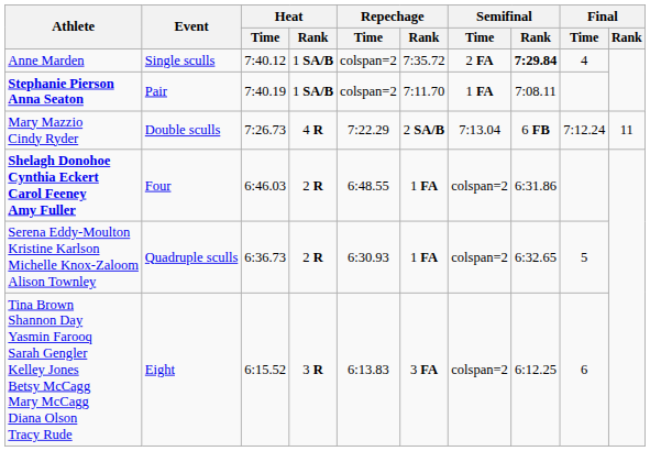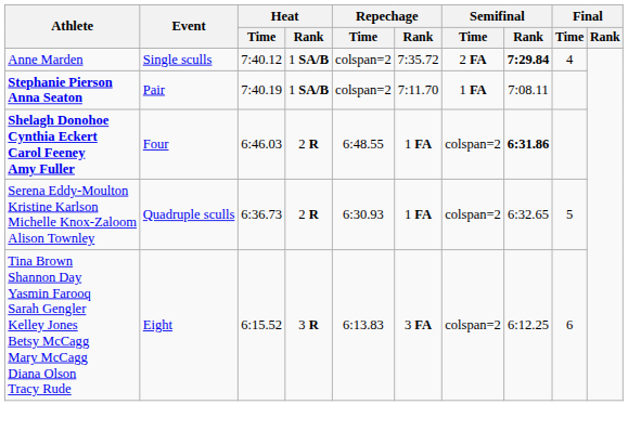 <table class=wikitable style=font-size:90%;text-align:center>
 <tr>
 <th rowspan=2>Athlete</th>
 <th rowspan=2>Event</th>
 <th colspan=2>Heat</th>
 <th colspan=2>Repechage</th>
 <th colspan=2>Semifinal</th>
 <th colspan=2>Final</th>
 </tr>
 <tr style=font-size:95%>
 <th>Time</th>
 <th>Rank</th>
 <th>Time</th>
 <th>Rank</th>
 <th>Time</th>
 <th>Rank</th>
 <th>Time</th>
 <th>Rank</th>
 </tr>
 <tr>
 <td align=left><a href='#'>Anne Marden</a></td>
 <td align=left><a href='#'>Single sculls</a></td>
 <td>7:40.12</td>
 <td>1 <strong>SA/B</strong></td>
 <td>colspan=2 </td>
 <td>7:35.72</td>
 <td>2 <strong>FA</strong></td>
 <td><strong>7:29.84</strong></td>
 <td>4</td>
 </tr>
 <tr>
 <td align=left><strong><a href='#'>Stephanie Pierson</a><br><a href='#'>Anna Seaton</a></strong></td>
 <td align=left><a href='#'>Pair</a></td>
 <td>7:40.19</td>
 <td>1 <strong>SA/B</strong></td>
 <td>colspan=2 </td>
 <td>7:11.70</td>
 <td>1 <strong>FA</strong></td>
 <td>7:08.11</td>
 <td></td>
 </tr>
 <tr>
-<td align=left><a href='#'>Mary Mazzio</a><br><a href='#'>Cindy Ryder</a></td>
-<td align=left><a href='#'>Double sculls</a></td>
-<td>7:26.73</td>
-<td>4 <strong>R</strong></td>
-<td>7:22.29</td>
-<td>2 <strong>SA/B</strong></td>
-<td>7:13.04</td>
-<td>6 <strong>FB</strong></td>
-<td>7:12.24</td>
-<td>11</td>
-</tr>
-<tr>
 <td align=left><strong><a href='#'>Shelagh Donohoe</a><br><a href='#'>Cynthia Eckert</a><br><a href='#'>Carol Feeney</a><br><a href='#'>Amy Fuller</a></strong></td>
 <td align=left><a href='#'>Four</a></td>
 <td>6:46.03</td>
 <td>2 <strong>R</strong></td>
 <td>6:48.55</td>
 <td>1 <strong>FA</strong></td>
 <td>colspan=2 </td>
-<td>6:31.86</td>
+<td><strong>6:31.86</strong></td>
 <td></td>
 </tr>
 <tr>
 <td align=left><a href='#'>Serena Eddy-Moulton</a><br><a href='#'>Kristine Karlson</a><br><a href='#'>Michelle Knox-Zaloom</a><br><a href='#'>Alison Townley</a></td>
 <td align=left><a href='#'>Quadruple sculls</a></td>
 <td>6:36.73</td>
 <td>2 <strong>R</strong></td>
 <td>6:30.93</td>
 <td>1 <strong>FA</strong></td>
 <td>colspan=2 </td>
 <td>6:32.65</td>
 <td>5</td>
 </tr>
 <tr>
 <td align=left><a href='#'>Tina Brown</a><br><a href='#'>Shannon Day</a><br><a href='#'>Yasmin Farooq</a><br><a href='#'>Sarah Gengler</a><br><a href='#'>Kelley Jones</a><br><a href='#'>Betsy McCagg</a><br><a href='#'>Mary McCagg</a><br><a href='#'>Diana Olson</a><br><a href='#'>Tracy Rude</a></td>
 <td align=left><a href='#'>Eight</a></td>
 <td>6:15.52</td>
 <td>3 <strong>R</strong></td>
 <td>6:13.83</td>
 <td>3 <strong>FA</strong></td>
 <td>colspan=2 </td>
 <td>6:12.25</td>
 <td>6</td>
 </tr>
 </table>
